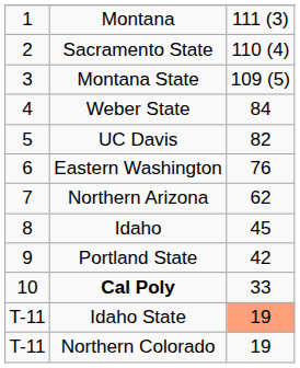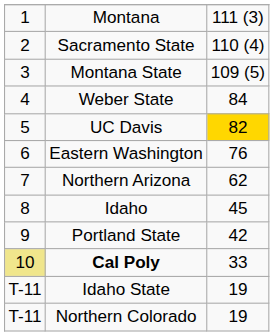 <table class="wikitable" style="display: inline-table;">
 <tr align="center">
 </tr>
 <tr align="center">
 <td>1</td>
 <td>Montana</td>
 <td>111 (3)</td>
 </tr>
 <tr align="center">
 <td>2</td>
 <td>Sacramento State</td>
 <td>110 (4)</td>
 </tr>
 <tr align="center">
 <td>3</td>
 <td>Montana State</td>
 <td>109 (5)</td>
 </tr>
 <tr align="center">
 <td>4</td>
 <td>Weber State</td>
 <td>84</td>
 </tr>
 <tr align="center">
 <td>5</td>
 <td>UC Davis</td>
-<td>82</td>
+<td style="background: gold;">82</td>
 </tr>
 <tr align="center">
 <td>6</td>
 <td>Eastern Washington</td>
 <td>76</td>
 </tr>
 <tr align="center">
 <td>7</td>
 <td>Northern Arizona</td>
 <td>62</td>
 </tr>
 <tr align="center">
 <td>8</td>
 <td>Idaho</td>
 <td>45</td>
 </tr>
 <tr align="center">
 <td>9</td>
 <td>Portland State</td>
 <td>42</td>
 </tr>
 <tr align="center">
-<td>10</td>
+<td style="background: khaki;">10</td>
 <td><strong>Cal Poly</strong></td>
 <td>33</td>
 </tr>
 <tr align="center">
 <td>T-11</td>
 <td>Idaho State</td>
-<td style="background: lightsalmon;">19</td>
+<td>19</td>
 </tr>
 <tr align="center">
 <td>T-11</td>
 <td>Northern Colorado</td>
 <td>19</td>
 </tr>
 </table>
